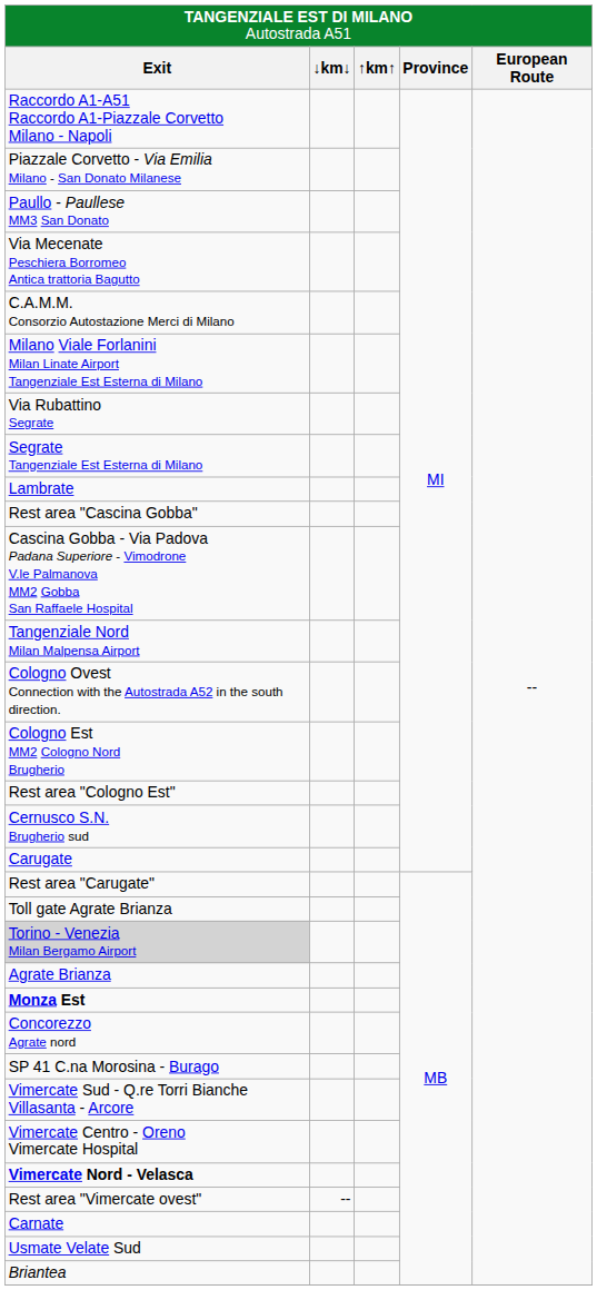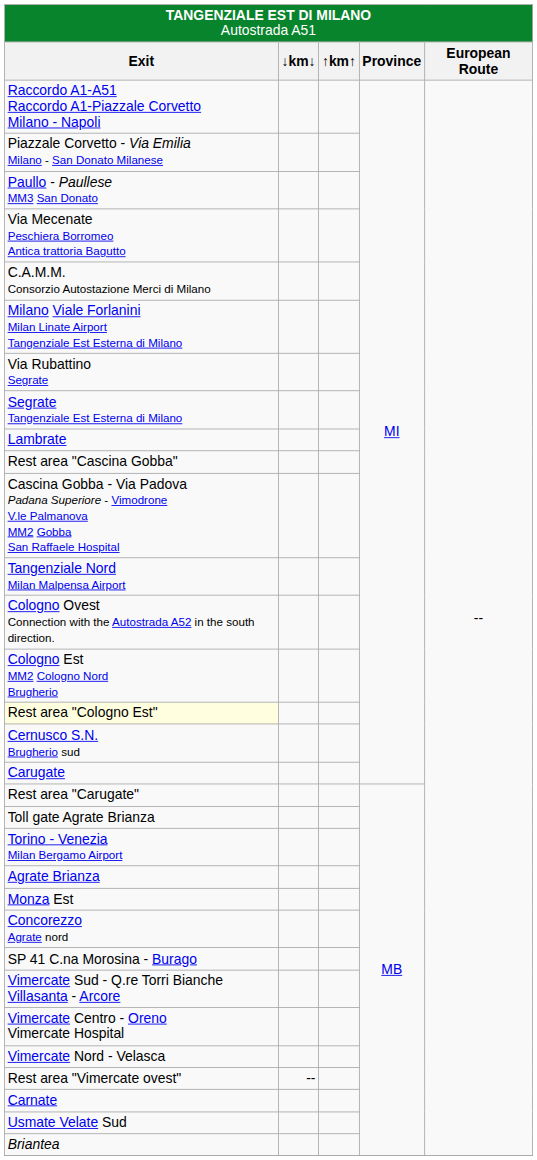 <table class="wikitable">
 <tr align="center" bgcolor="08842C" style="color: white;">
 <td colspan="5"><strong> TANGENZIALE EST DI MILANO</strong><br>Autostrada A51</td>
 </tr>
 <tr>
 <th style="text-align:center;"><strong>Exit</strong></th>
 <th style="text-align:center;"><strong>↓km↓</strong></th>
 <th style="text-align:center;"><strong>↑km↑</strong></th>
 <th align="center"><strong>Province</strong></th>
 <th align="center"><strong>European Route</strong></th>
 </tr>
 <tr>
 <td>  <a href='#'>Raccordo A1-A51</a><br> <a href='#'>Raccordo A1-Piazzale Corvetto</a><br> <a href='#'>Milano - Napoli</a></td>
 <td align="right"></td>
 <td align="right"></td>
 <td rowspan=17 align="center"><a href='#'>MI</a></td>
 <td rowspan=31 align="center">--</td>
 </tr>
 <tr>
 <td> Piazzale Corvetto -  <em>Via Emilia</em><br><small> <a href='#'>Milano</a> - <a href='#'>San Donato Milanese</a></small></td>
 <td align="right"></td>
 <td align="right"></td>
 </tr>
 <tr>
 <td> <a href='#'>Paullo</a> -  <em>Paullese</em><br><small> <a href='#'>MM3</a> <a href='#'>San Donato</a></small></td>
 <td align="right"></td>
 <td align="right"></td>
 </tr>
 <tr>
 <td> Via Mecenate<br><small><a href='#'>Peschiera Borromeo</a></small><br><small> <a href='#'>Antica trattoria Bagutto</a></small></td>
 <td align="right"></td>
 <td align="right"></td>
 </tr>
 <tr>
 <td> C.A.M.M.<br><small>Consorzio Autostazione Merci di Milano</small></td>
 <td align="right"></td>
 <td align="right"></td>
 </tr>
 <tr>
 <td> <a href='#'>Milano</a> <a href='#'>Viale Forlanini</a><br><small> <a href='#'>Milan Linate Airport</a></small><br><small> <a href='#'>Tangenziale Est Esterna di Milano</a></small></td>
 <td align="right"></td>
 <td align="right"></td>
 </tr>
 <tr>
 <td> Via Rubattino<br><small><a href='#'>Segrate</a></small></td>
 <td align="right"></td>
 <td align="right"></td>
 </tr>
 <tr>
 <td> <a href='#'>Segrate</a><br><small> <a href='#'>Tangenziale Est Esterna di Milano</a></small></td>
 <td align="right"></td>
 <td align="right"></td>
 </tr>
 <tr>
 <td> <a href='#'>Lambrate</a></td>
 <td align="right"></td>
 <td align="right"></td>
 </tr>
 <tr>
 <td> Rest area "Cascina Gobba"</td>
 <td align="right"></td>
 <td align="right"></td>
 </tr>
 <tr>
 <td> Cascina Gobba - Via Padova<br><small> <em>Padana Superiore</em> - <a href='#'>Vimodrone</a><br>  <a href='#'>V.le Palmanova</a><br> <a href='#'>MM2</a> <a href='#'>Gobba</a><br> <a href='#'>San Raffaele Hospital</a></small></td>
 <td align="right"></td>
 <td align="right"></td>
 </tr>
 <tr>
 <td>  <a href='#'>Tangenziale Nord</a><br><small> <a href='#'>Milan Malpensa Airport</a></small></td>
 <td align="right"></td>
 <td align="right"></td>
 </tr>
 <tr>
 <td> <a href='#'>Cologno</a> Ovest<br><small>Connection with the <a href='#'>Autostrada A52</a> in the south direction.</small></td>
 <td align="right"></td>
 <td align="right"></td>
 </tr>
 <tr>
 <td> <a href='#'>Cologno</a> Est<br><small> <a href='#'>MM2</a> <a href='#'>Cologno Nord</a></small><br><small><a href='#'>Brugherio</a></small></td>
 <td align="right"></td>
 <td align="right"></td>
 </tr>
 <tr>
-<td> Rest area "Cologno Est"</td>
+<td style="background: lightyellow;"> Rest area "Cologno Est"</td>
 <td align="right"></td>
 <td align="right"></td>
 </tr>
 <tr>
 <td> <a href='#'>Cernusco S.N.</a><br><small><a href='#'>Brugherio</a> sud</small></td>
 <td align="right"></td>
 <td align="right"></td>
 </tr>
 <tr>
 <td> <a href='#'>Carugate</a></td>
 <td align="right"></td>
 <td align="right"></td>
 </tr>
 <tr>
 <td> Rest area "Carugate"</td>
 <td align="right"></td>
 <td align="right"></td>
 <td rowspan=14 align="center"><a href='#'>MB</a></td>
 </tr>
 <tr>
 <td> Toll gate Agrate Brianza</td>
 <td align="right"></td>
 <td align="right"></td>
 </tr>
 <tr>
-<td style="background: lightgrey;">   <a href='#'>Torino - Venezia</a><br><small> <a href='#'>Milan Bergamo Airport</a></small></td>
+<td>   <a href='#'>Torino - Venezia</a><br><small> <a href='#'>Milan Bergamo Airport</a></small></td>
 <td align="right"></td>
 <td align="right"></td>
 </tr>
 <tr>
 <td> <a href='#'>Agrate Brianza</a></td>
 <td align="right"></td>
 <td align="right"></td>
 </tr>
 <tr>
-<td><strong> <a href='#'>Monza</a> Est</strong></td>
+<td> <a href='#'>Monza</a> Est</td>
 <td align="right"></td>
 <td align="right"></td>
 </tr>
 <tr>
 <td> <a href='#'>Concorezzo</a><br><small><a href='#'>Agrate</a> nord</small></td>
 <td align="right"></td>
 <td align="right"></td>
 </tr>
 <tr>
 <td> SP 41 C.na Morosina - <a href='#'>Burago</a></td>
 <td align="right"></td>
 <td align="right"></td>
 </tr>
 <tr>
 <td> <a href='#'>Vimercate</a> Sud - Q.re Torri Bianche<br><a href='#'>Villasanta</a> - <a href='#'>Arcore</a></td>
 <td align="right"></td>
 <td align="right"></td>
 </tr>
 <tr>
 <td>  <a href='#'>Vimercate</a> Centro - <a href='#'>Oreno</a><br> Vimercate Hospital</td>
 <td align="right"></td>
 <td align="right"></td>
 </tr>
 <tr>
-<td><strong> <a href='#'>Vimercate</a> Nord - Velasca</strong></td>
+<td> <a href='#'>Vimercate</a> Nord - Velasca</td>
 <td align="right"></td>
 <td align="right"></td>
 </tr>
 <tr>
 <td> Rest area "Vimercate ovest"</td>
 <td align="right">--</td>
 <td align="right"></td>
 </tr>
 <tr>
 <td> <a href='#'>Carnate</a></td>
 <td align="right"></td>
 <td align="right"></td>
 </tr>
 <tr>
 <td> <a href='#'>Usmate Velate</a> Sud</td>
 <td align="right"></td>
 <td align="right"></td>
 </tr>
 <tr>
 <td>   <em>Briantea</em></td>
 <td align="right"></td>
 <td align="right"></td>
 </tr>
 <tr>
 </tr>
 </table>
